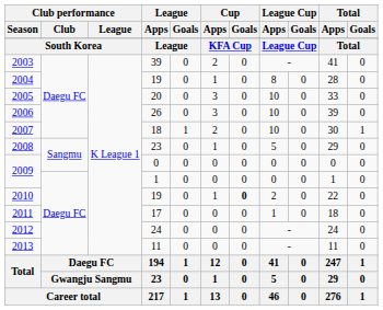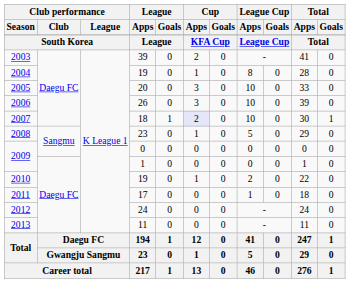 <table class="wikitable" style="text-align:center">
 <tr>
 <th colspan=3>Club performance</th>
 <th colspan=2>League</th>
 <th colspan=2>Cup</th>
 <th colspan=2>League Cup</th>
 <th colspan=2>Total</th>
 </tr>
 <tr>
 <th>Season</th>
 <th>Club</th>
 <th>League</th>
 <th>Apps</th>
 <th>Goals</th>
 <th>Apps</th>
 <th>Goals</th>
 <th>Apps</th>
 <th>Goals</th>
 <th>Apps</th>
 <th>Goals</th>
 </tr>
 <tr>
 </tr>
 <tr>
 <th colspan=3>South Korea</th>
 <th colspan=2>League</th>
 <th colspan=2><a href='#'>KFA Cup</a></th>
 <th colspan=2><a href='#'>League Cup</a></th>
 <th colspan=2>Total</th>
 </tr>
 <tr>
 <td><a href='#'>2003</a></td>
 <td rowspan="5"><a href='#'>Daegu FC</a></td>
 <td rowspan="12"><a href='#'>K League 1</a></td>
 <td>39</td>
 <td>0</td>
 <td>2</td>
 <td>0</td>
 <td colspan="2">-</td>
 <td>41</td>
 <td>0</td>
 </tr>
 <tr>
 <td><a href='#'>2004</a></td>
 <td>19</td>
 <td>0</td>
 <td>1</td>
 <td>0</td>
 <td>8</td>
 <td>0</td>
 <td>28</td>
 <td>0</td>
 </tr>
 <tr>
 <td><a href='#'>2005</a></td>
 <td>20</td>
 <td>0</td>
 <td>3</td>
 <td>0</td>
 <td>10</td>
 <td>0</td>
 <td>33</td>
 <td>0</td>
 </tr>
 <tr>
 <td><a href='#'>2006</a></td>
 <td>26</td>
 <td>0</td>
 <td>3</td>
 <td>0</td>
 <td>10</td>
 <td>0</td>
 <td>39</td>
 <td>0</td>
 </tr>
 <tr>
 <td><a href='#'>2007</a></td>
 <td>18</td>
 <td>1</td>
-<td>2</td>
+<td style="background: lavender;">2</td>
 <td>0</td>
 <td>10</td>
 <td>0</td>
 <td>30</td>
 <td>1</td>
 </tr>
 <tr>
 <td><a href='#'>2008</a></td>
 <td rowspan="2"><a href='#'>Sangmu</a></td>
 <td>23</td>
 <td>0</td>
 <td>1</td>
 <td>0</td>
 <td>5</td>
 <td>0</td>
 <td>29</td>
 <td>0</td>
 </tr>
 <tr>
 <td rowspan="2"><a href='#'>2009</a></td>
 <td>0</td>
 <td>0</td>
 <td>0</td>
 <td>0</td>
 <td>0</td>
 <td>0</td>
 <td>0</td>
 <td>0</td>
 </tr>
 <tr>
 <td rowspan="5"><a href='#'>Daegu FC</a></td>
 <td>1</td>
 <td>0</td>
 <td>0</td>
 <td>0</td>
 <td>0</td>
 <td>0</td>
 <td>1</td>
 <td>0</td>
 </tr>
 <tr>
 <td><a href='#'>2010</a></td>
 <td>19</td>
 <td>0</td>
 <td>1</td>
-<td><strong>0</strong></td>
+<td>0</td>
 <td>2</td>
 <td>0</td>
 <td>22</td>
 <td>0</td>
 </tr>
 <tr>
 <td><a href='#'>2011</a></td>
 <td>17</td>
 <td>0</td>
 <td>0</td>
 <td>0</td>
 <td>1</td>
 <td>0</td>
 <td>18</td>
 <td>0</td>
 </tr>
 <tr>
 <td><a href='#'>2012</a></td>
 <td>24</td>
 <td>0</td>
 <td>0</td>
 <td>0</td>
 <td colspan="2">-</td>
 <td>24</td>
 <td>0</td>
 </tr>
 <tr>
 <td><a href='#'>2013</a></td>
 <td>11</td>
 <td>0</td>
 <td>0</td>
 <td>0</td>
 <td colspan="2">-</td>
 <td>11</td>
 <td>0</td>
 </tr>
 <tr>
 <th rowspan=2>Total</th>
 <th colspan=2>Daegu FC</th>
 <th>194</th>
 <th>1</th>
 <th>12</th>
 <th>0</th>
 <th>41</th>
 <th>0</th>
 <th>247</th>
 <th>1</th>
 </tr>
 <tr>
 <th colspan=2>Gwangju Sangmu</th>
 <th>23</th>
 <th>0</th>
 <th>1</th>
 <th>0</th>
 <th>5</th>
 <th>0</th>
 <th>29</th>
 <th>0</th>
 </tr>
 <tr>
 <th colspan=3>Career total</th>
 <th>217</th>
 <th>1</th>
 <th>13</th>
 <th>0</th>
 <th>46</th>
 <th>0</th>
 <th>276</th>
 <th>1</th>
 </tr>
 </table>
